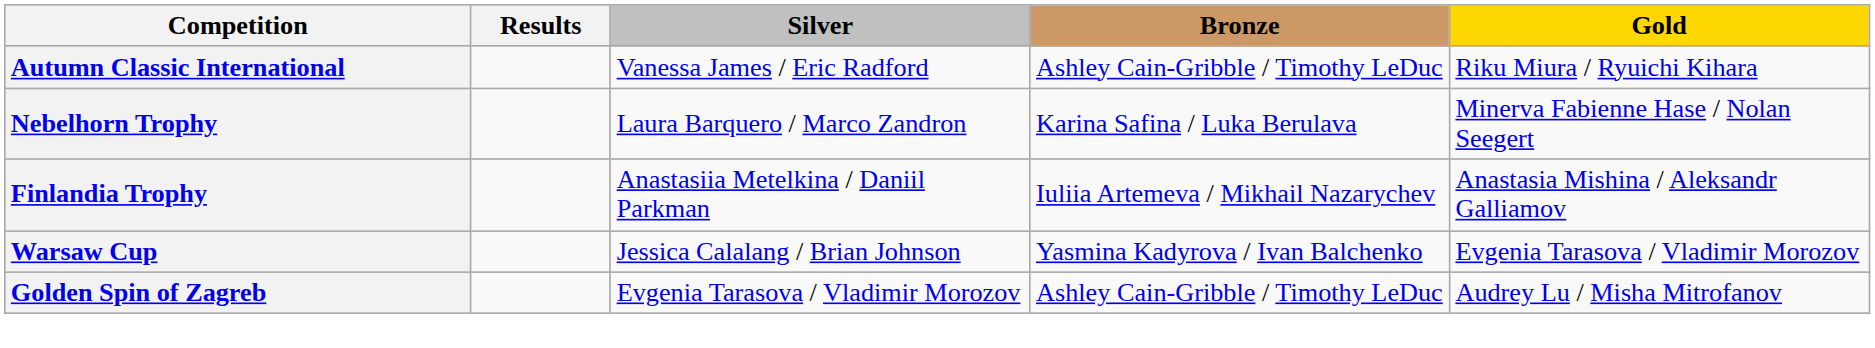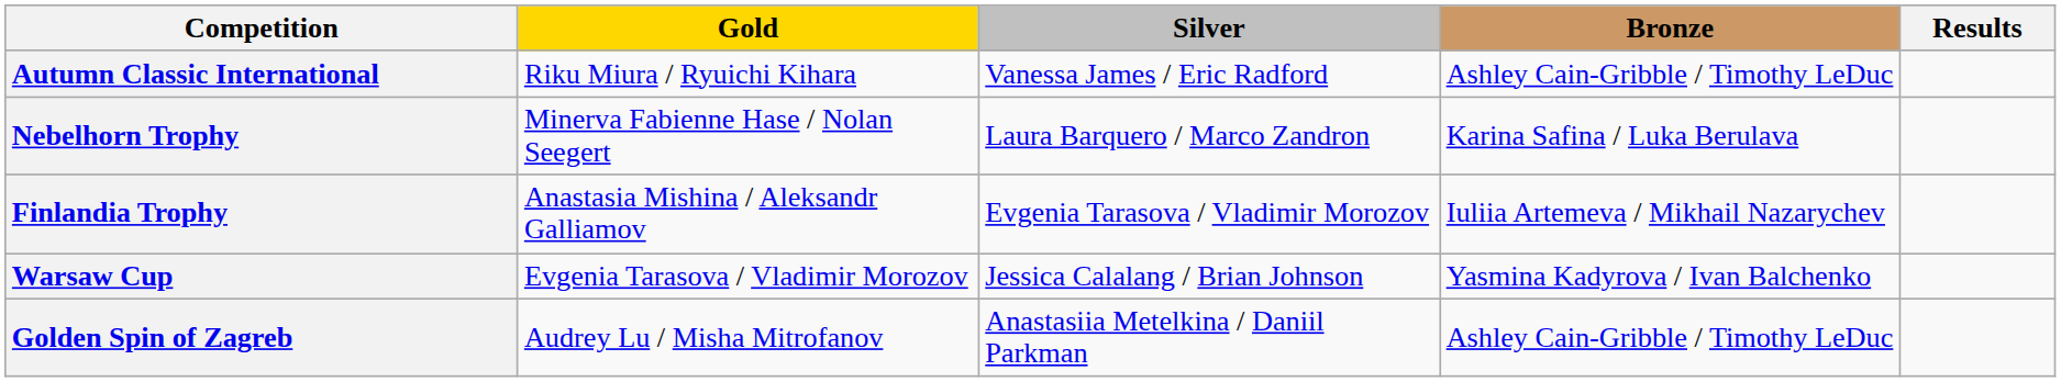 <table class="wikitable unsortable" style="text-align:left; width:90%;">
 <tr>
 <th scope="col" style="text-align:center; width:25%;">Competition</th>
-<th scope="col" style="text-align:center; width:7.5%;">Results</th>
+<td scope="col" style="text-align:center; width:22.5%; background:gold"><strong>Gold</strong></td>
 <td scope="col" style="text-align:center; width:22.5%; background:silver"><strong>Silver</strong></td>
 <td scope="col" style="text-align:center; width:22.5%; background:#c96"><strong>Bronze</strong></td>
-<td scope="col" style="text-align:center; width:22.5%; background:gold"><strong>Gold</strong></td>
+<th scope="col" style="text-align:center; width:7.5%;">Results</th>
 </tr>
 <tr>
 <th scope="row" style="text-align:left"> <a href='#'>Autumn Classic International</a></th>
-<td></td>
+<td> <a href='#'>Riku Miura</a> / <a href='#'>Ryuichi Kihara</a></td>
 <td> <a href='#'>Vanessa James</a> / <a href='#'>Eric Radford</a></td>
 <td> <a href='#'>Ashley Cain-Gribble</a> / <a href='#'>Timothy LeDuc</a></td>
-<td> <a href='#'>Riku Miura</a> / <a href='#'>Ryuichi Kihara</a></td>
+<td></td>
 </tr>
 <tr>
 <th scope="row" style="text-align:left"> <a href='#'>Nebelhorn Trophy</a></th>
-<td></td>
+<td> <a href='#'>Minerva Fabienne Hase</a> / <a href='#'>Nolan Seegert</a></td>
 <td> <a href='#'>Laura Barquero</a> / <a href='#'>Marco Zandron</a></td>
 <td> <a href='#'>Karina Safina</a> / <a href='#'>Luka Berulava</a></td>
-<td> <a href='#'>Minerva Fabienne Hase</a> / <a href='#'>Nolan Seegert</a></td>
+<td></td>
 </tr>
 <tr>
 <th scope="row" style="text-align:left"> <a href='#'>Finlandia Trophy</a></th>
+<td> <a href='#'>Anastasia Mishina</a> / <a href='#'>Aleksandr Galliamov</a></td>
+<td> <a href='#'>Evgenia Tarasova</a> / <a href='#'>Vladimir Morozov</a></td>
+<td> <a href='#'>Iuliia Artemeva</a> / <a href='#'>Mikhail Nazarychev</a></td>
 <td></td>
-<td> <a href='#'>Anastasiia Metelkina</a> / <a href='#'>Daniil Parkman</a></td>
-<td> <a href='#'>Iuliia Artemeva</a> / <a href='#'>Mikhail Nazarychev</a></td>
-<td> <a href='#'>Anastasia Mishina</a> / <a href='#'>Aleksandr Galliamov</a></td>
 </tr>
 <tr>
 <th scope="row" style="text-align:left"> <a href='#'>Warsaw Cup</a></th>
-<td></td>
+<td> <a href='#'>Evgenia Tarasova</a> / <a href='#'>Vladimir Morozov</a></td>
 <td> <a href='#'>Jessica Calalang</a> / <a href='#'>Brian Johnson</a></td>
 <td> <a href='#'>Yasmina Kadyrova</a> / <a href='#'>Ivan Balchenko</a></td>
-<td> <a href='#'>Evgenia Tarasova</a> / <a href='#'>Vladimir Morozov</a></td>
+<td></td>
 </tr>
 <tr>
 <th scope="row" style="text-align:left"> <a href='#'>Golden Spin of Zagreb</a></th>
+<td> <a href='#'>Audrey Lu</a> / <a href='#'>Misha Mitrofanov</a></td>
+<td> <a href='#'>Anastasiia Metelkina</a> / <a href='#'>Daniil Parkman</a></td>
+<td> <a href='#'>Ashley Cain-Gribble</a> / <a href='#'>Timothy LeDuc</a></td>
 <td></td>
-<td> <a href='#'>Evgenia Tarasova</a> / <a href='#'>Vladimir Morozov</a></td>
-<td> <a href='#'>Ashley Cain-Gribble</a> / <a href='#'>Timothy LeDuc</a></td>
-<td> <a href='#'>Audrey Lu</a> / <a href='#'>Misha Mitrofanov</a></td>
 </tr>
 </table>
